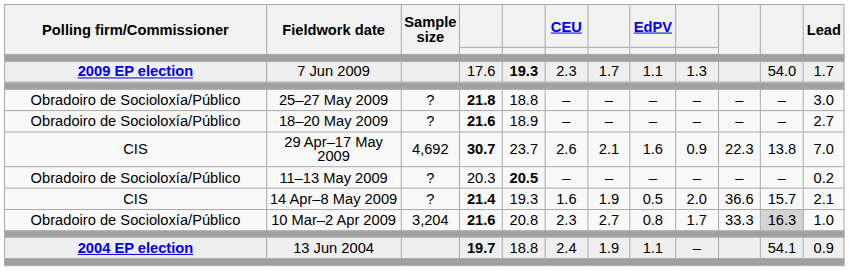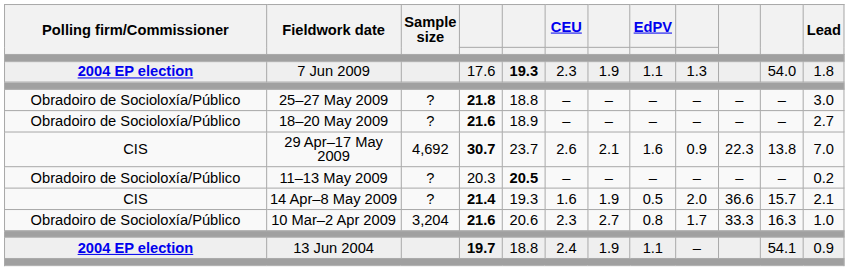 <table class="wikitable collapsible collapsed" style="text-align:center; font-size:90%; line-height:14px;">
 <tr style="height:42px;">
 <th style="width:250px;" rowspan="2">Polling firm/Commissioner</th>
 <th style="width:125px;" rowspan="2">Fieldwork date</th>
 <th style="width:50px;" rowspan="2">Sample size</th>
 <th style="width:35px;"></th>
 <th style="width:35px;"></th>
 <th style="width:35px;"><a href='#'>CEU</a></th>
 <th style="width:35px;"></th>
 <th style="width:35px;"><a href='#'>EdPV</a></th>
 <th style="width:35px;"></th>
 <th style="width:35px;" rowspan="2"></th>
 <th style="width:35px;" rowspan="2"></th>
 <th style="width:30px;" rowspan="2">Lead</th>
 </tr>
 <tr>
 <th style="color:inherit;background:"></th>
 <th style="color:inherit;background:"></th>
 <th style="color:inherit;background:"></th>
 <th style="color:inherit;background:"></th>
 <th style="color:inherit;background:"></th>
 <th style="color:inherit;background:"></th>
 </tr>
 <tr>
 <td colspan="12" style="background:#A0A0A0"></td>
 </tr>
 <tr style="background:#EFEFEF;">
-<td><strong><a href='#'>2009 EP election</a></strong></td>
+<td><strong><a href='#'>2004 EP election</a></strong></td>
 <td>7 Jun 2009</td>
 <td></td>
 <td>17.6</td>
 <td><strong>19.3</strong></td>
 <td>2.3</td>
-<td>1.7</td>
+<td>1.9</td>
 <td>1.1</td>
 <td>1.3</td>
 <td></td>
 <td>54.0</td>
-<td style="background:">1.7</td>
+<td style="background:">1.8</td>
 </tr>
 <tr>
 <td colspan="12" style="background:#A0A0A0"></td>
 </tr>
 <tr>
 <td>Obradoiro de Socioloxía/Público</td>
 <td>25–27 May 2009</td>
 <td>?</td>
 <td><strong>21.8</strong></td>
 <td>18.8</td>
 <td>–</td>
 <td>–</td>
 <td>–</td>
 <td>–</td>
 <td>–</td>
 <td>–</td>
 <td style="background:">3.0</td>
 </tr>
 <tr>
 <td>Obradoiro de Socioloxía/Público</td>
 <td>18–20 May 2009</td>
 <td>?</td>
 <td><strong>21.6</strong></td>
 <td>18.9</td>
 <td>–</td>
 <td>–</td>
 <td>–</td>
 <td>–</td>
 <td>–</td>
 <td>–</td>
 <td style="background:">2.7</td>
 </tr>
 <tr>
 <td>CIS</td>
 <td>29 Apr–17 May 2009</td>
 <td>4,692</td>
 <td><strong>30.7</strong></td>
 <td>23.7</td>
 <td>2.6</td>
 <td>2.1</td>
 <td>1.6</td>
 <td>0.9</td>
 <td>22.3</td>
 <td>13.8</td>
 <td style="background:">7.0</td>
 </tr>
 <tr>
 <td>Obradoiro de Socioloxía/Público</td>
 <td>11–13 May 2009</td>
 <td>?</td>
 <td>20.3</td>
 <td><strong>20.5</strong></td>
 <td>–</td>
 <td>–</td>
 <td>–</td>
 <td>–</td>
 <td>–</td>
 <td>–</td>
 <td style="background:">0.2</td>
 </tr>
 <tr>
 <td>CIS</td>
 <td>14 Apr–8 May 2009</td>
 <td>?</td>
 <td><strong>21.4</strong></td>
 <td>19.3</td>
 <td>1.6</td>
 <td>1.9</td>
 <td>0.5</td>
 <td>2.0</td>
 <td>36.6</td>
 <td>15.7</td>
 <td style="background:">2.1</td>
 </tr>
 <tr>
 <td>Obradoiro de Socioloxía/Público</td>
 <td>10 Mar–2 Apr 2009</td>
 <td>3,204</td>
 <td><strong>21.6</strong></td>
-<td>20.8</td>
+<td>20.6</td>
 <td>2.3</td>
 <td>2.7</td>
 <td>0.8</td>
 <td>1.7</td>
 <td>33.3</td>
-<td style="background: lightgrey;">16.3</td>
+<td>16.3</td>
 <td style="background:">1.0</td>
 </tr>
 <tr>
 <td colspan="12" style="background:#A0A0A0"></td>
 </tr>
 <tr style="background:#EFEFEF;">
 <td><strong><a href='#'>2004 EP election</a></strong></td>
 <td>13 Jun 2004</td>
 <td></td>
 <td><strong>19.7</strong></td>
 <td>18.8</td>
 <td>2.4</td>
 <td>1.9</td>
 <td>1.1</td>
 <td>–</td>
 <td></td>
 <td>54.1</td>
 <td style="background:">0.9</td>
 </tr>
 <tr>
 <td colspan="12" style="background:#A0A0A0"></td>
 </tr>
 </table>
